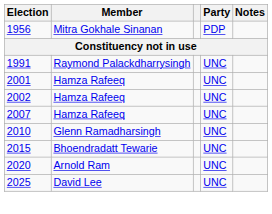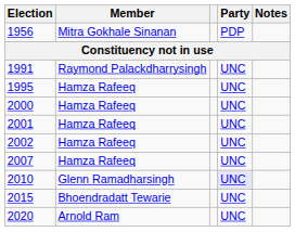 <table class="wikitable sortable">
 <tr>
 <th>Election</th>
 <th>Member</th>
 <th></th>
 <th>Party</th>
 <th>Notes</th>
 </tr>
 <tr>
 <td><a href='#'>1956</a></td>
 <td><a href='#'>Mitra Gokhale Sinanan</a></td>
 <td style="background:"> </td>
 <td><a href='#'>PDP</a></td>
 <td></td>
 </tr>
 <tr>
 <th colspan="5">Constituency not in use</th>
 </tr>
 <tr>
 <td><a href='#'>1991</a></td>
 <td><a href='#'>Raymond Palackdharrysingh</a></td>
+<td style="background:"> </td>
+<td><a href='#'>UNC</a></td>
+<td></td>
+</tr>
+<tr>
+<td><a href='#'>1995</a></td>
+<td><a href='#'>Hamza Rafeeq</a></td>
+<td style="background:"> </td>
+<td><a href='#'>UNC</a></td>
+<td></td>
+</tr>
+<tr>
+<td><a href='#'>2000</a></td>
+<td><a href='#'>Hamza Rafeeq</a></td>
 <td style="background:"> </td>
 <td><a href='#'>UNC</a></td>
 <td></td>
 </tr>
 <tr>
 <td><a href='#'>2001</a></td>
 <td><a href='#'>Hamza Rafeeq</a></td>
 <td style="background:"> </td>
 <td><a href='#'>UNC</a></td>
 <td></td>
 </tr>
 <tr>
 <td><a href='#'>2002</a></td>
 <td><a href='#'>Hamza Rafeeq</a></td>
 <td style="background:"> </td>
 <td><a href='#'>UNC</a></td>
 <td></td>
 </tr>
 <tr>
 <td><a href='#'>2007</a></td>
 <td><a href='#'>Hamza Rafeeq</a></td>
 <td style="background:"> </td>
 <td><a href='#'>UNC</a></td>
 <td></td>
 </tr>
 <tr>
 <td><a href='#'>2010</a></td>
 <td><a href='#'>Glenn Ramadharsingh</a></td>
 <td style="background:"> </td>
-<td><a href='#'>UNC</a></td>
+<td style="background: lavender;"><a href='#'>UNC</a></td>
 <td></td>
 </tr>
 <tr>
 <td><a href='#'>2015</a></td>
 <td><a href='#'>Bhoendradatt Tewarie</a></td>
 <td style="background:"> </td>
 <td><a href='#'>UNC</a></td>
 <td></td>
 </tr>
 <tr>
 <td><a href='#'>2020</a></td>
 <td><a href='#'>Arnold Ram</a></td>
 <td style="background:"> </td>
 <td><a href='#'>UNC</a></td>
 <td></td>
 </tr>
-<tr>
-<td><a href='#'>2025</a></td>
-<td><a href='#'>David Lee</a></td>
-<td style="background:"> </td>
-<td><a href='#'>UNC</a></td>
-<td></td>
-</tr>
 </table>
